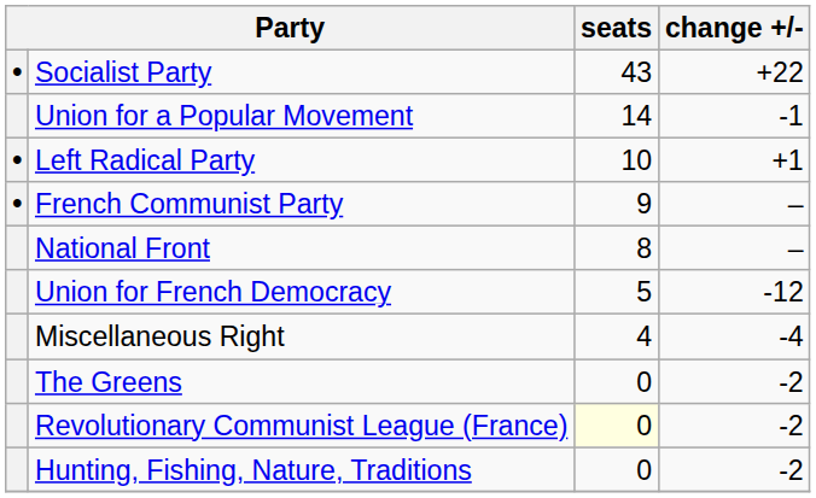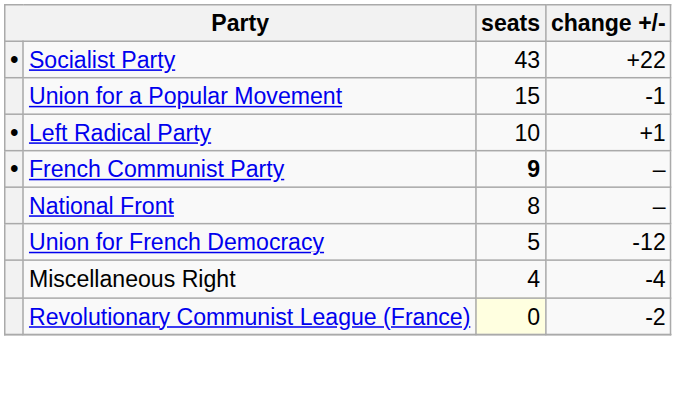 <table class="wikitable" style="font-size: 95%;">
 <tr>
 <th colspan=2>Party</th>
 <th>seats</th>
 <th>change +/-</th>
 </tr>
 <tr>
 <th style="background-color: "><span>•</span></th>
 <td><a href='#'>Socialist Party</a></td>
 <td align="right">43</td>
 <td align="right">+22</td>
 </tr>
 <tr>
 <th style="background-color: "></th>
 <td><a href='#'>Union for a Popular Movement</a></td>
-<td align="right">14</td>
+<td align="right">15</td>
 <td align="right">-1</td>
 </tr>
 <tr>
 <th style="background-color: "><span>•</span></th>
 <td><a href='#'>Left Radical Party</a></td>
 <td align="right">10</td>
 <td align="right">+1</td>
 </tr>
 <tr>
 <th style="background-color: "><span>•</span></th>
 <td><a href='#'>French Communist Party</a></td>
-<td align="right">9</td>
+<td align="right"><strong>9</strong></td>
 <td align="right">–</td>
 </tr>
 <tr>
 <th style="background-color: "></th>
 <td><a href='#'>National Front</a></td>
 <td align="right">8</td>
 <td align="right">–</td>
 </tr>
 <tr>
 <th style="background-color: "></th>
 <td><a href='#'>Union for French Democracy</a></td>
 <td align="right">5</td>
 <td align="right">-12</td>
 </tr>
 <tr>
 <th style="background-color: "></th>
 <td>Miscellaneous Right</td>
 <td align="right">4</td>
 <td align="right">-4</td>
 </tr>
 <tr>
 <th style="background-color: "></th>
-<td><a href='#'>The Greens</a></td>
-<td align="right">0</td>
-<td align="right">-2</td>
-</tr>
-<tr>
-<th style="background-color: "></th>
 <td><a href='#'>Revolutionary Communist League (France)</a></td>
 <td align="right" style="background: lightyellow;">0</td>
 <td align="right">-2</td>
 </tr>
 <tr>
-<th style="background-color: "></th>
-<td><a href='#'>Hunting, Fishing, Nature, Traditions</a></td>
-<td align="right">0</td>
-<td align="right">-2</td>
-</tr>
-<tr>
 </tr>
 </table>
